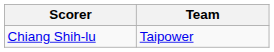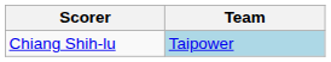 <table class="wikitable">
 <tr>
 <th width="150">Scorer</th>
 <th width="150">Team</th>
 </tr>
 <tr>
 <td><a href='#'>Chiang Shih-lu</a></td>
-<td><a href='#'>Taipower</a></td>
+<td style="background: lightblue;"><a href='#'>Taipower</a></td>
 </tr>
 </table>
